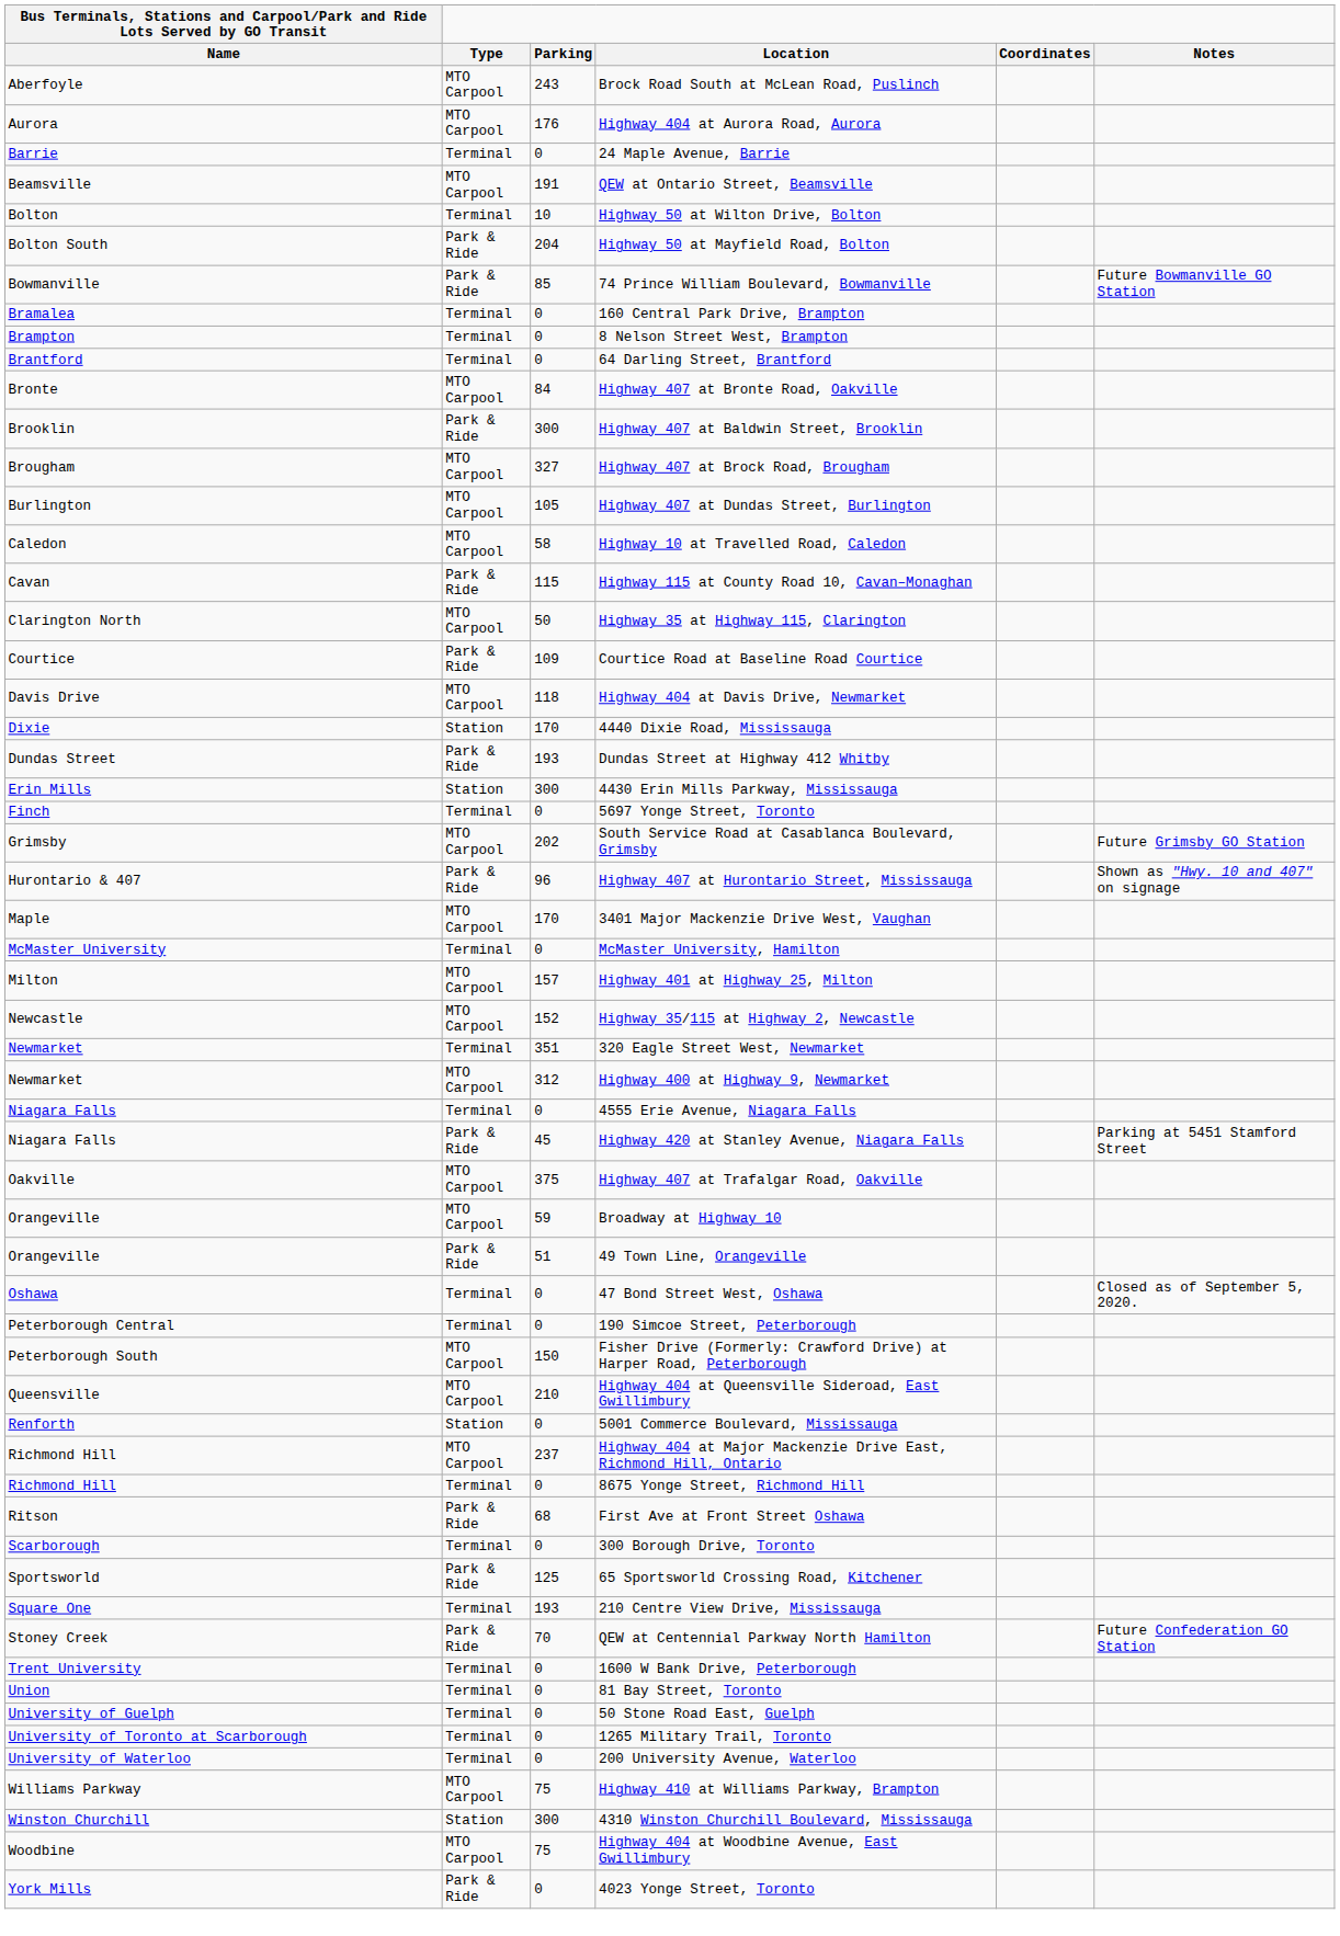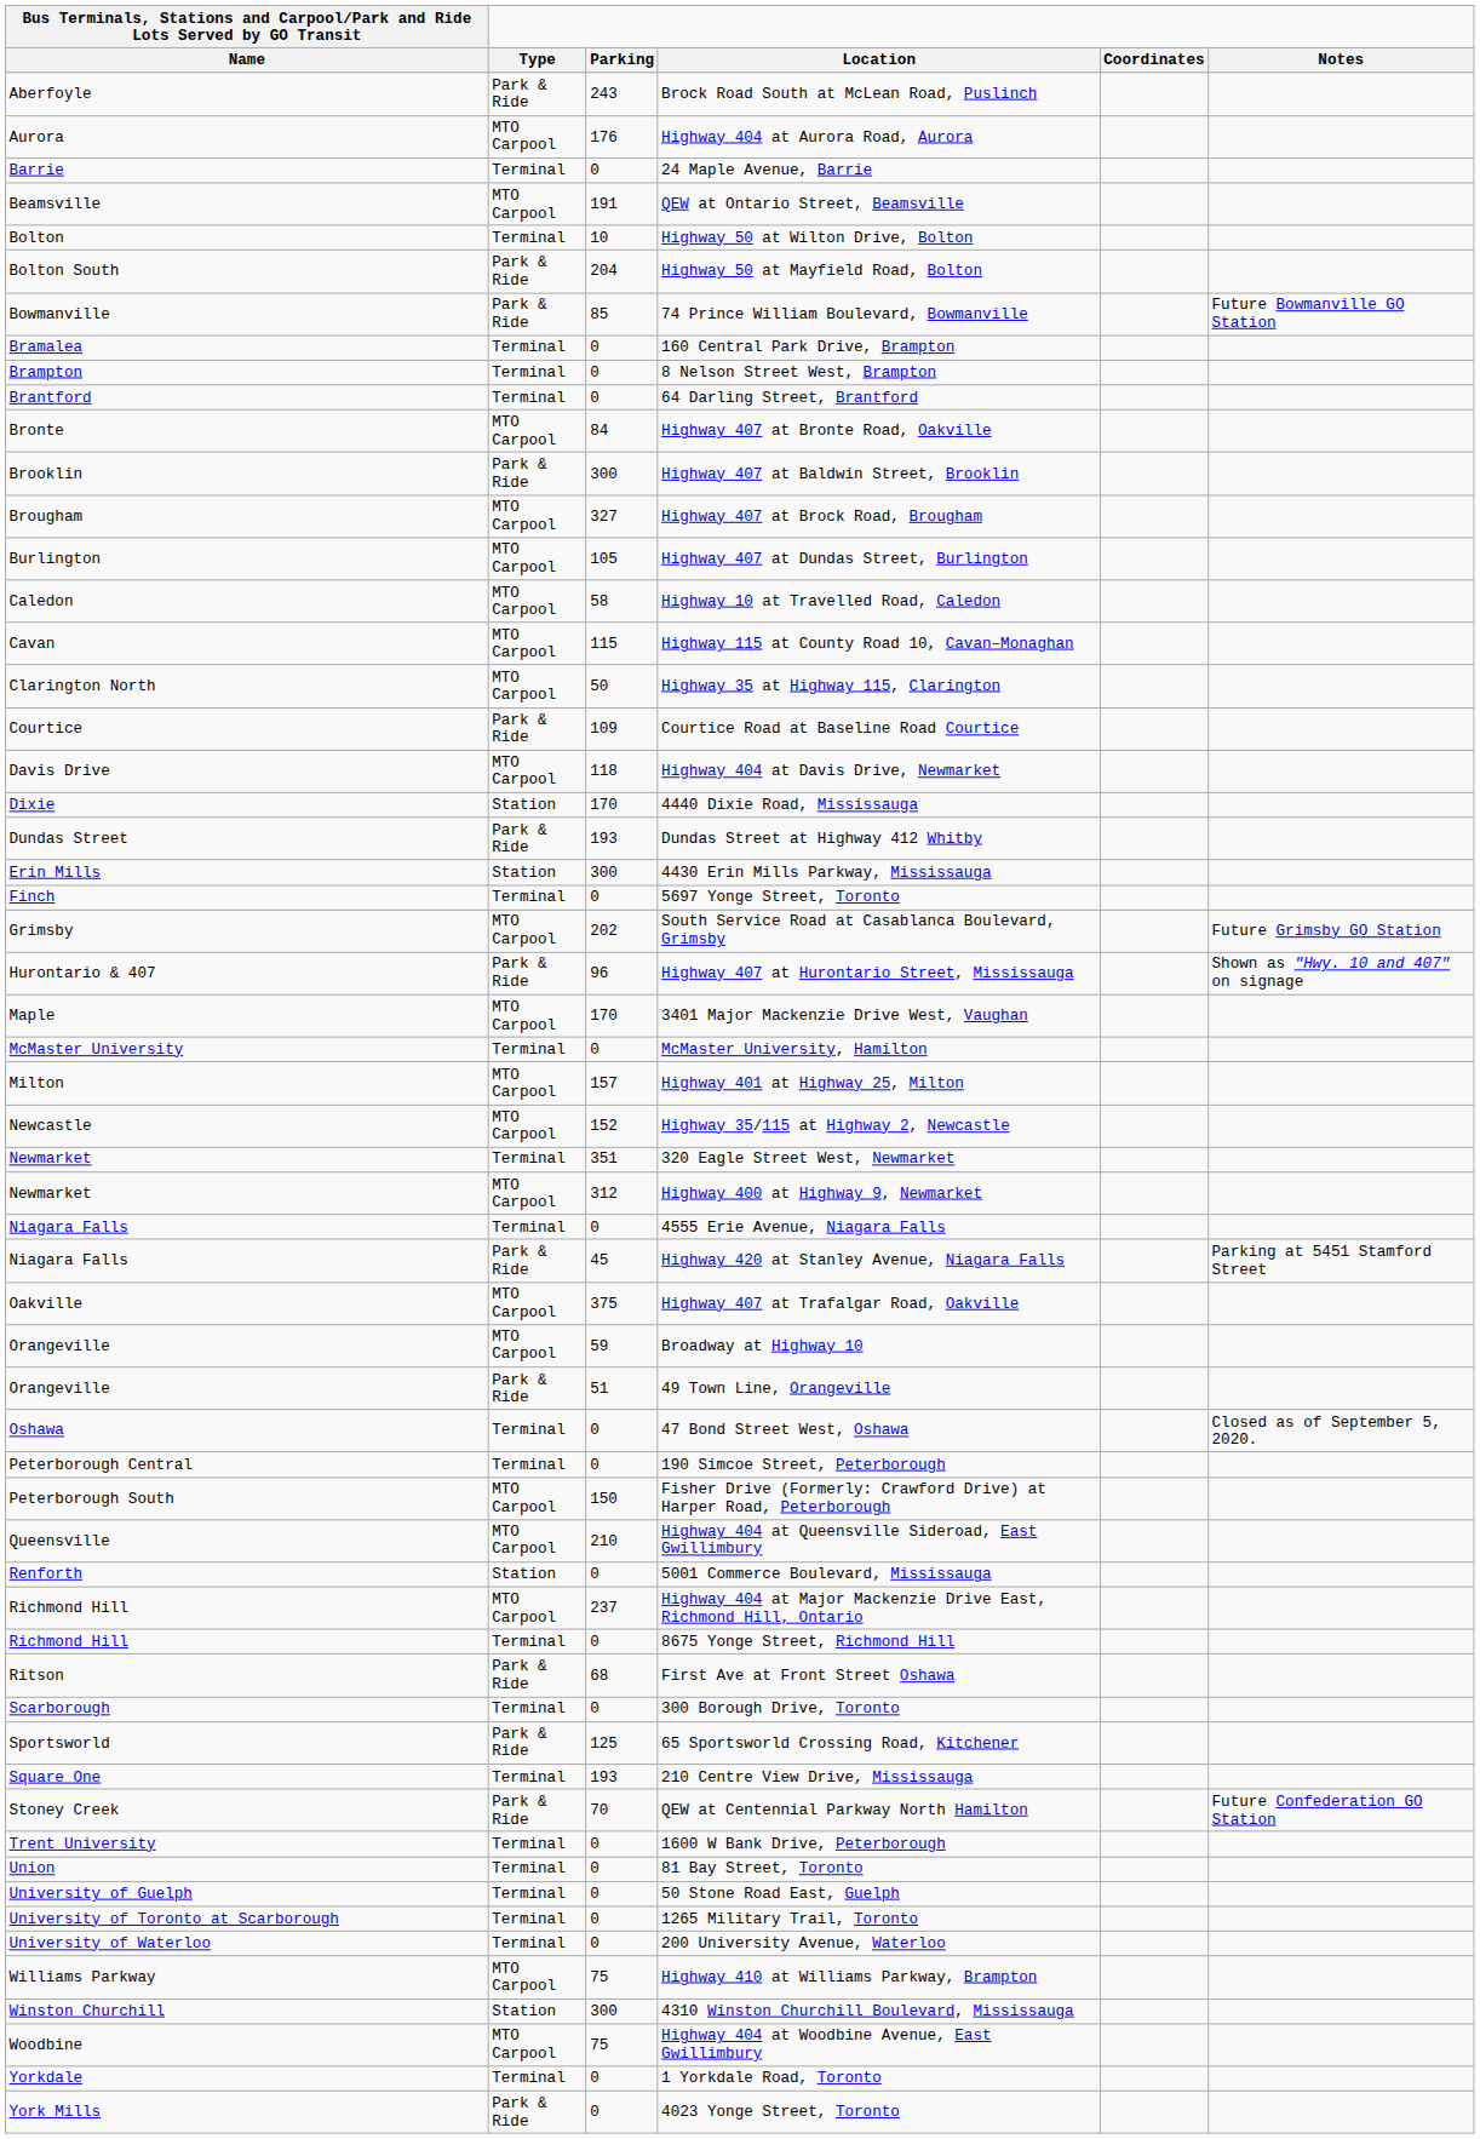 <table class="wikitable">
 <tr>
 <th style="background: #"><span>Bus Terminals, Stations and Carpool/Park and Ride Lots Served by GO Transit</span></th>
 </tr>
 <tr>
 <th>Name</th>
 <th>Type</th>
 <th>Parking</th>
 <th>Location</th>
 <th>Coordinates</th>
 <th>Notes</th>
 </tr>
 <tr>
 <td>Aberfoyle</td>
-<td>MTO Carpool</td>
+<td>Park & Ride</td>
 <td>243</td>
 <td>Brock Road South at McLean Road, <a href='#'>Puslinch</a></td>
 <td></td>
 <td></td>
 </tr>
 <tr>
 <td>Aurora</td>
 <td>MTO Carpool</td>
 <td>176</td>
 <td><a href='#'>Highway 404</a> at Aurora Road, <a href='#'>Aurora</a></td>
 <td></td>
 <td></td>
 </tr>
 <tr>
 <td><a href='#'>Barrie</a></td>
 <td>Terminal</td>
 <td>0</td>
 <td>24 Maple Avenue, <a href='#'>Barrie</a></td>
 <td></td>
 <td></td>
 </tr>
 <tr>
 <td>Beamsville</td>
 <td>MTO Carpool</td>
 <td>191</td>
 <td><a href='#'>QEW</a> at Ontario Street, <a href='#'>Beamsville</a></td>
 <td></td>
 <td></td>
 </tr>
 <tr>
 <td>Bolton</td>
 <td>Terminal</td>
 <td>10</td>
 <td><a href='#'>Highway 50</a> at Wilton Drive, <a href='#'>Bolton</a></td>
 <td></td>
 <td></td>
 </tr>
 <tr>
 <td>Bolton South</td>
 <td>Park & Ride</td>
 <td>204</td>
 <td><a href='#'>Highway 50</a> at Mayfield Road, <a href='#'>Bolton</a></td>
 <td></td>
 <td></td>
 </tr>
 <tr>
 <td>Bowmanville</td>
 <td>Park & Ride</td>
 <td>85</td>
 <td>74 Prince William Boulevard, <a href='#'>Bowmanville</a></td>
 <td></td>
 <td>Future <a href='#'>Bowmanville GO Station</a></td>
 </tr>
 <tr>
 <td><a href='#'>Bramalea</a></td>
 <td>Terminal</td>
 <td>0</td>
 <td>160 Central Park Drive, <a href='#'>Brampton</a></td>
 <td></td>
 <td></td>
 </tr>
 <tr>
 <td><a href='#'>Brampton</a></td>
 <td>Terminal</td>
 <td>0</td>
 <td>8 Nelson Street West, <a href='#'>Brampton</a></td>
 <td></td>
 <td></td>
 </tr>
 <tr>
 <td><a href='#'>Brantford</a></td>
 <td>Terminal</td>
 <td>0</td>
 <td>64 Darling Street, <a href='#'>Brantford</a></td>
 <td></td>
 <td></td>
 </tr>
 <tr>
 <td>Bronte</td>
 <td>MTO Carpool</td>
 <td>84</td>
 <td><a href='#'>Highway 407</a> at Bronte Road, <a href='#'>Oakville</a></td>
 <td></td>
 <td></td>
 </tr>
 <tr>
 <td>Brooklin</td>
 <td>Park & Ride</td>
 <td>300</td>
 <td><a href='#'>Highway 407</a> at Baldwin Street, <a href='#'>Brooklin</a></td>
 <td></td>
 <td></td>
 </tr>
 <tr>
 <td>Brougham</td>
 <td>MTO Carpool</td>
 <td>327</td>
 <td><a href='#'>Highway 407</a> at Brock Road, <a href='#'>Brougham</a></td>
 <td></td>
 <td></td>
 </tr>
 <tr>
 <td>Burlington</td>
 <td>MTO Carpool</td>
 <td>105</td>
 <td><a href='#'>Highway 407</a> at Dundas Street, <a href='#'>Burlington</a></td>
 <td></td>
 <td></td>
 </tr>
 <tr>
 <td>Caledon</td>
 <td>MTO Carpool</td>
 <td>58</td>
 <td><a href='#'>Highway 10</a> at Travelled Road, <a href='#'>Caledon</a></td>
 <td></td>
 <td></td>
 </tr>
 <tr>
 <td>Cavan</td>
-<td>Park & Ride</td>
+<td>MTO Carpool</td>
 <td>115</td>
 <td><a href='#'>Highway 115</a> at County Road 10, <a href='#'>Cavan–Monaghan</a></td>
 <td></td>
 <td></td>
 </tr>
 <tr>
 <td>Clarington North</td>
 <td>MTO Carpool</td>
 <td>50</td>
 <td><a href='#'>Highway 35</a> at <a href='#'>Highway 115</a>, <a href='#'>Clarington</a></td>
 <td></td>
 <td></td>
 </tr>
 <tr>
 <td>Courtice</td>
 <td>Park & Ride</td>
 <td>109</td>
 <td>Courtice Road at Baseline Road <a href='#'>Courtice</a></td>
 <td></td>
 <td></td>
 </tr>
 <tr>
 <td>Davis Drive</td>
 <td>MTO Carpool</td>
 <td>118</td>
 <td><a href='#'>Highway 404</a> at Davis Drive, <a href='#'>Newmarket</a></td>
 <td></td>
 <td></td>
 </tr>
 <tr>
 <td><a href='#'>Dixie</a></td>
 <td>Station</td>
 <td>170</td>
 <td>4440 Dixie Road, <a href='#'>Mississauga</a></td>
 <td></td>
 <td></td>
 </tr>
 <tr>
 <td>Dundas Street</td>
 <td>Park & Ride</td>
 <td>193</td>
 <td>Dundas Street at Highway 412 <a href='#'>Whitby</a></td>
 <td></td>
 <td></td>
 </tr>
 <tr>
 <td><a href='#'>Erin Mills</a></td>
 <td>Station</td>
 <td>300</td>
 <td>4430 Erin Mills Parkway, <a href='#'>Mississauga</a></td>
 <td></td>
 <td></td>
 </tr>
 <tr>
 <td><a href='#'>Finch</a></td>
 <td>Terminal</td>
 <td>0</td>
 <td>5697 Yonge Street, <a href='#'>Toronto</a></td>
 <td></td>
 <td></td>
 </tr>
 <tr>
 <td>Grimsby</td>
 <td>MTO Carpool</td>
 <td>202</td>
 <td>South Service Road at Casablanca Boulevard, <a href='#'>Grimsby</a></td>
 <td></td>
 <td>Future <a href='#'>Grimsby GO Station</a></td>
 </tr>
 <tr>
 <td>Hurontario & 407</td>
 <td>Park & Ride</td>
 <td>96</td>
 <td><a href='#'>Highway 407</a> at <a href='#'>Hurontario Street</a>, <a href='#'>Mississauga</a></td>
 <td></td>
 <td>Shown as <em><a href='#'>"Hwy. 10 and 407"</a></em> on signage</td>
 </tr>
 <tr>
 <td>Maple</td>
 <td>MTO Carpool</td>
 <td>170</td>
 <td>3401 Major Mackenzie Drive West, <a href='#'>Vaughan</a></td>
 <td></td>
 <td></td>
 </tr>
 <tr>
 <td><a href='#'>McMaster University</a></td>
 <td>Terminal</td>
 <td>0</td>
 <td><a href='#'>McMaster University</a>, <a href='#'>Hamilton</a></td>
 <td></td>
 <td></td>
 </tr>
 <tr>
 <td>Milton</td>
 <td>MTO Carpool</td>
 <td>157</td>
 <td><a href='#'>Highway 401</a> at <a href='#'>Highway 25</a>, <a href='#'>Milton</a></td>
 <td></td>
 <td></td>
 </tr>
 <tr>
 <td>Newcastle</td>
 <td>MTO Carpool</td>
 <td>152</td>
 <td><a href='#'>Highway 35</a>/<a href='#'>115</a> at <a href='#'>Highway 2</a>, <a href='#'>Newcastle</a></td>
 <td></td>
 <td></td>
 </tr>
 <tr>
 <td><a href='#'>Newmarket</a></td>
 <td>Terminal</td>
 <td>351</td>
 <td>320 Eagle Street West, <a href='#'>Newmarket</a></td>
 <td></td>
 <td></td>
 </tr>
 <tr>
 <td>Newmarket</td>
 <td>MTO Carpool</td>
 <td>312</td>
 <td><a href='#'>Highway 400</a> at <a href='#'>Highway 9</a>, <a href='#'>Newmarket</a></td>
 <td></td>
 <td></td>
 </tr>
 <tr>
 <td><a href='#'>Niagara Falls</a></td>
 <td>Terminal</td>
 <td>0</td>
 <td>4555 Erie Avenue, <a href='#'>Niagara Falls</a></td>
 <td></td>
 <td></td>
 </tr>
 <tr>
 <td>Niagara Falls</td>
 <td>Park & Ride</td>
 <td>45</td>
 <td><a href='#'>Highway 420</a> at Stanley Avenue, <a href='#'>Niagara Falls</a></td>
 <td></td>
 <td>Parking at 5451 Stamford Street</td>
 </tr>
 <tr>
 <td>Oakville</td>
 <td>MTO Carpool</td>
 <td>375</td>
 <td><a href='#'>Highway 407</a> at Trafalgar Road, <a href='#'>Oakville</a></td>
 <td></td>
 <td></td>
 </tr>
 <tr>
 <td>Orangeville</td>
 <td>MTO Carpool</td>
 <td>59</td>
 <td>Broadway at <a href='#'>Highway 10</a></td>
 <td></td>
 <td></td>
 </tr>
 <tr>
 <td>Orangeville</td>
 <td>Park & Ride</td>
 <td>51</td>
 <td>49 Town Line, <a href='#'>Orangeville</a></td>
 <td></td>
 <td></td>
 </tr>
 <tr>
 <td><a href='#'>Oshawa</a></td>
 <td>Terminal</td>
 <td>0</td>
 <td>47 Bond Street West, <a href='#'>Oshawa</a></td>
 <td></td>
 <td>Closed as of September 5, 2020.</td>
 </tr>
 <tr>
 <td>Peterborough Central</td>
 <td>Terminal</td>
 <td>0</td>
 <td>190 Simcoe Street, <a href='#'>Peterborough</a></td>
 <td></td>
 <td></td>
 </tr>
 <tr>
 <td>Peterborough South</td>
 <td>MTO Carpool</td>
 <td>150</td>
 <td>Fisher Drive (Formerly: Crawford Drive) at Harper Road, <a href='#'>Peterborough</a></td>
 <td></td>
 <td></td>
 </tr>
 <tr>
 <td>Queensville</td>
 <td>MTO Carpool</td>
 <td>210</td>
 <td><a href='#'>Highway 404</a> at Queensville Sideroad, <a href='#'>East Gwillimbury</a></td>
 <td></td>
 <td></td>
 </tr>
 <tr>
 <td><a href='#'>Renforth</a></td>
 <td>Station</td>
 <td>0</td>
 <td>5001 Commerce Boulevard, <a href='#'>Mississauga</a></td>
 <td></td>
 <td></td>
 </tr>
 <tr>
 <td>Richmond Hill</td>
 <td>MTO Carpool</td>
 <td>237</td>
 <td><a href='#'>Highway 404</a> at Major Mackenzie Drive East, <a href='#'>Richmond Hill, Ontario</a></td>
 <td></td>
 <td></td>
 </tr>
 <tr>
 <td><a href='#'>Richmond Hill</a></td>
 <td>Terminal</td>
 <td>0</td>
 <td>8675 Yonge Street, <a href='#'>Richmond Hill</a></td>
 <td></td>
 <td></td>
 </tr>
 <tr>
 <td>Ritson</td>
 <td>Park & Ride</td>
 <td>68</td>
 <td>First Ave at Front Street <a href='#'>Oshawa</a></td>
 <td></td>
 <td></td>
 </tr>
 <tr>
 <td><a href='#'>Scarborough</a></td>
 <td>Terminal</td>
 <td>0</td>
 <td>300 Borough Drive, <a href='#'>Toronto</a></td>
 <td></td>
 <td></td>
 </tr>
 <tr>
 <td>Sportsworld</td>
 <td>Park & Ride</td>
 <td>125</td>
 <td>65 Sportsworld Crossing Road, <a href='#'>Kitchener</a></td>
 <td></td>
 <td></td>
 </tr>
 <tr>
 <td><a href='#'>Square One</a></td>
 <td>Terminal</td>
 <td>193</td>
 <td>210 Centre View Drive, <a href='#'>Mississauga</a></td>
 <td></td>
 <td></td>
 </tr>
 <tr>
 <td>Stoney Creek</td>
 <td>Park & Ride</td>
 <td>70</td>
 <td>QEW at Centennial Parkway North <a href='#'>Hamilton</a></td>
 <td></td>
 <td>Future <a href='#'>Confederation GO Station</a></td>
 </tr>
 <tr>
 <td><a href='#'>Trent University</a></td>
 <td>Terminal</td>
 <td>0</td>
 <td>1600 W Bank Drive, <a href='#'>Peterborough</a></td>
 <td></td>
 <td></td>
 </tr>
 <tr>
 <td><a href='#'>Union</a></td>
 <td>Terminal</td>
 <td>0</td>
 <td>81 Bay Street, <a href='#'>Toronto</a></td>
 <td></td>
 <td></td>
 </tr>
 <tr>
 <td><a href='#'>University of Guelph</a></td>
 <td>Terminal</td>
 <td>0</td>
 <td>50 Stone Road East, <a href='#'>Guelph</a></td>
 <td></td>
 <td></td>
 </tr>
 <tr>
 <td><a href='#'>University of Toronto at Scarborough</a></td>
 <td>Terminal</td>
 <td>0</td>
 <td>1265 Military Trail, <a href='#'>Toronto</a></td>
 <td></td>
 <td></td>
 </tr>
 <tr>
 <td><a href='#'>University of Waterloo</a></td>
 <td>Terminal</td>
 <td>0</td>
 <td>200 University Avenue, <a href='#'>Waterloo</a></td>
 <td></td>
 <td></td>
 </tr>
 <tr>
 <td>Williams Parkway</td>
 <td>MTO Carpool</td>
 <td>75</td>
 <td><a href='#'>Highway 410</a> at Williams Parkway, <a href='#'>Brampton</a></td>
 <td></td>
 <td></td>
 </tr>
 <tr>
 <td><a href='#'>Winston Churchill</a></td>
 <td>Station</td>
 <td>300</td>
 <td>4310 <a href='#'>Winston Churchill Boulevard</a>, <a href='#'>Mississauga</a></td>
 <td></td>
 <td></td>
 </tr>
 <tr>
 <td>Woodbine</td>
 <td>MTO Carpool</td>
 <td>75</td>
 <td><a href='#'>Highway 404</a> at Woodbine Avenue, <a href='#'>East Gwillimbury</a></td>
 <td></td>
 <td></td>
 </tr>
 <tr>
+<td><a href='#'>Yorkdale</a></td>
+<td>Terminal</td>
+<td>0</td>
+<td>1 Yorkdale Road, <a href='#'>Toronto</a></td>
+<td></td>
+<td></td>
+</tr>
+<tr>
 <td><a href='#'>York Mills</a></td>
 <td>Park & Ride</td>
 <td>0</td>
 <td>4023 Yonge Street, <a href='#'>Toronto</a></td>
 <td></td>
 <td></td>
 </tr>
 </table>
